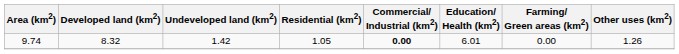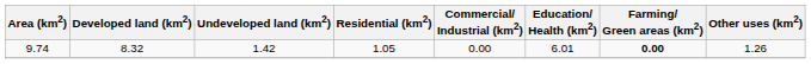 <table class="wikitable" style="text-align: center;">
 <tr>
 <th>Area (km<sup>2</sup>)</th>
 <th>Developed land (km<sup>2</sup>)</th>
 <th>Undeveloped land (km<sup>2</sup>)</th>
 <th>Residential (km<sup>2</sup>)</th>
 <th>Commercial/<br> Industrial (km<sup>2</sup>)</th>
 <th>Education/<br> Health (km<sup>2</sup>)</th>
 <th>Farming/<br> Green areas (km<sup>2</sup>)</th>
 <th>Other uses (km<sup>2</sup>)</th>
 </tr>
 <tr>
 <td>9.74</td>
 <td>8.32</td>
 <td>1.42</td>
 <td>1.05</td>
+<td>0.00</td>
+<td>6.01</td>
 <td><strong>0.00</strong></td>
-<td>6.01</td>
-<td>0.00</td>
 <td>1.26</td>
 </tr>
 <tr>
 </tr>
 </table>
